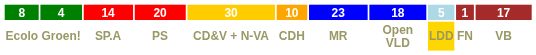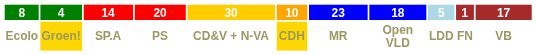 <table style="width:100%; font-size:88%; text-align:center;">
 <tr style="font-weight:bold">
 <td style="background:green; width:5.10%; color:white">8</td>
 <td style="background:green; width:3.98%; color:white">4</td>
 <td style="background:red; width:10.26%; color:white">14</td>
 <td style="background:red; width:10.86%; color:white">20</td>
 <td style="background:#FFCC00; width:18.51%; color:white">30</td>
 <td style="background:orange; width:6.06%; color:white">10</td>
 <td style="background:blue; width:12.52%; color:white">23</td>
 <td style="background:blue; width:11.83%; color:white">18</td>
 <td style="background:lightblue; width:4.03%; color:white">5</td>
 <td style="background:brown; width:1.97%; color:white">1</td>
 <td style="background:brown; width:11.99%; color:white">17</td>
 </tr>
 <tr style="font-weight:bold; color:#996;">
 <td>Ecolo</td>
-<td>Groen!</td>
+<td style="background: gold;">Groen!</td>
 <td>SP.A</td>
 <td>PS</td>
 <td>CD&V + N-VA</td>
-<td>CDH</td>
+<td style="background: gold;">CDH</td>
 <td>MR</td>
 <td>Open VLD</td>
-<td style="background: gold;">LDD</td>
+<td>LDD</td>
 <td>FN</td>
 <td>VB</td>
 </tr>
 </table>
